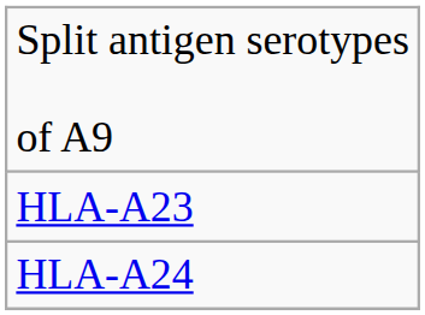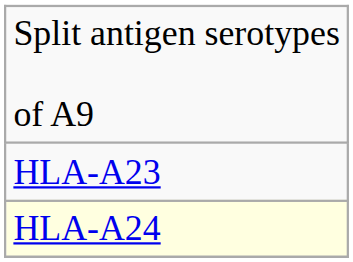 <table class="wikitable" align="left">
 <tr>
 <td>Split antigen serotypes<br><br>of A9 </td>
 </tr>
 <tr>
 <td><a href='#'>HLA-A23</a></td>
 </tr>
 <tr>
-<td><a href='#'>HLA-A24</a></td>
+<td style="background: lightyellow;"><a href='#'>HLA-A24</a></td>
 </tr>
 <tr>
 </tr>
 </table>
